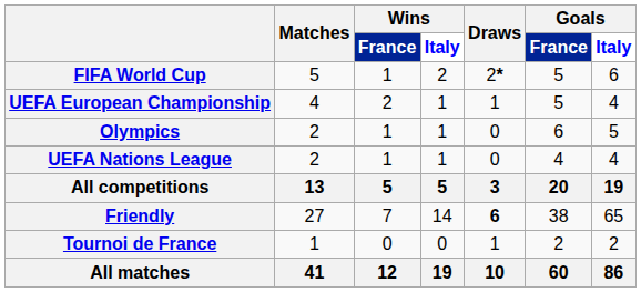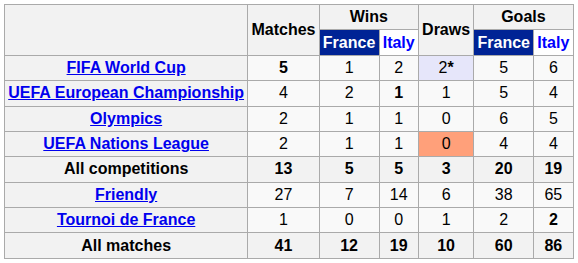 <table class="wikitable sortable" style="text-align:center">
 <tr>
 <th rowspan="2"></th>
 <th rowspan="2">Matches</th>
 <th colspan="2">Wins</th>
 <th rowspan="2">Draws</th>
 <th colspan="2">Goals</th>
 </tr>
 <tr>
 <th style="color:#FFFFFF; background-color:#002395; ">France</th>
 <th style="color:#0000FF; background-color:#FFFFFF;">Italy</th>
 <th style="color:#FFFFFF; background-color:#002395; ">France</th>
 <th style="color:#0000FF; background-color:#FFFFFF;">Italy</th>
 </tr>
 <tr>
 <th scope=row><a href='#'>FIFA World Cup</a></th>
-<td>5</td>
+<td><strong>5</strong></td>
 <td>1</td>
 <td>2</td>
-<td>2<strong>*</strong></td>
+<td style="background: lavender;">2<strong>*</strong></td>
 <td>5</td>
 <td>6</td>
 </tr>
 <tr>
 <th scope=row><a href='#'>UEFA European Championship</a></th>
 <td>4</td>
 <td>2</td>
-<td>1</td>
+<td><strong>1</strong></td>
 <td>1</td>
 <td>5</td>
 <td>4</td>
 </tr>
 <tr>
 <th scope=row><a href='#'>Olympics</a></th>
 <td>2</td>
 <td>1</td>
 <td>1</td>
 <td>0</td>
 <td>6</td>
 <td>5</td>
 </tr>
 <tr>
 <th scope=row><a href='#'>UEFA Nations League</a></th>
 <td>2</td>
 <td>1</td>
 <td>1</td>
-<td>0</td>
+<td style="background: lightsalmon;">0</td>
 <td>4</td>
 <td>4</td>
 </tr>
 <tr>
 <th scope=row>All competitions</th>
 <th>13</th>
 <th>5</th>
 <th>5</th>
 <th>3</th>
 <th>20</th>
 <th>19</th>
 </tr>
 <tr>
 <th scope=row><a href='#'>Friendly</a></th>
 <td>27</td>
 <td>7</td>
 <td>14</td>
-<td><strong>6</strong></td>
+<td>6</td>
 <td>38</td>
 <td>65</td>
 </tr>
 <tr>
 <th scope=row><a href='#'>Tournoi de France</a></th>
 <td>1</td>
 <td>0</td>
 <td>0</td>
 <td>1</td>
 <td>2</td>
-<td>2</td>
+<td><strong>2</strong></td>
 </tr>
 <tr>
 <th scope=row>All matches</th>
 <th scope=row>41</th>
 <th>12</th>
 <th>19</th>
 <th>10</th>
 <th>60</th>
 <th>86</th>
 </tr>
 </table>
